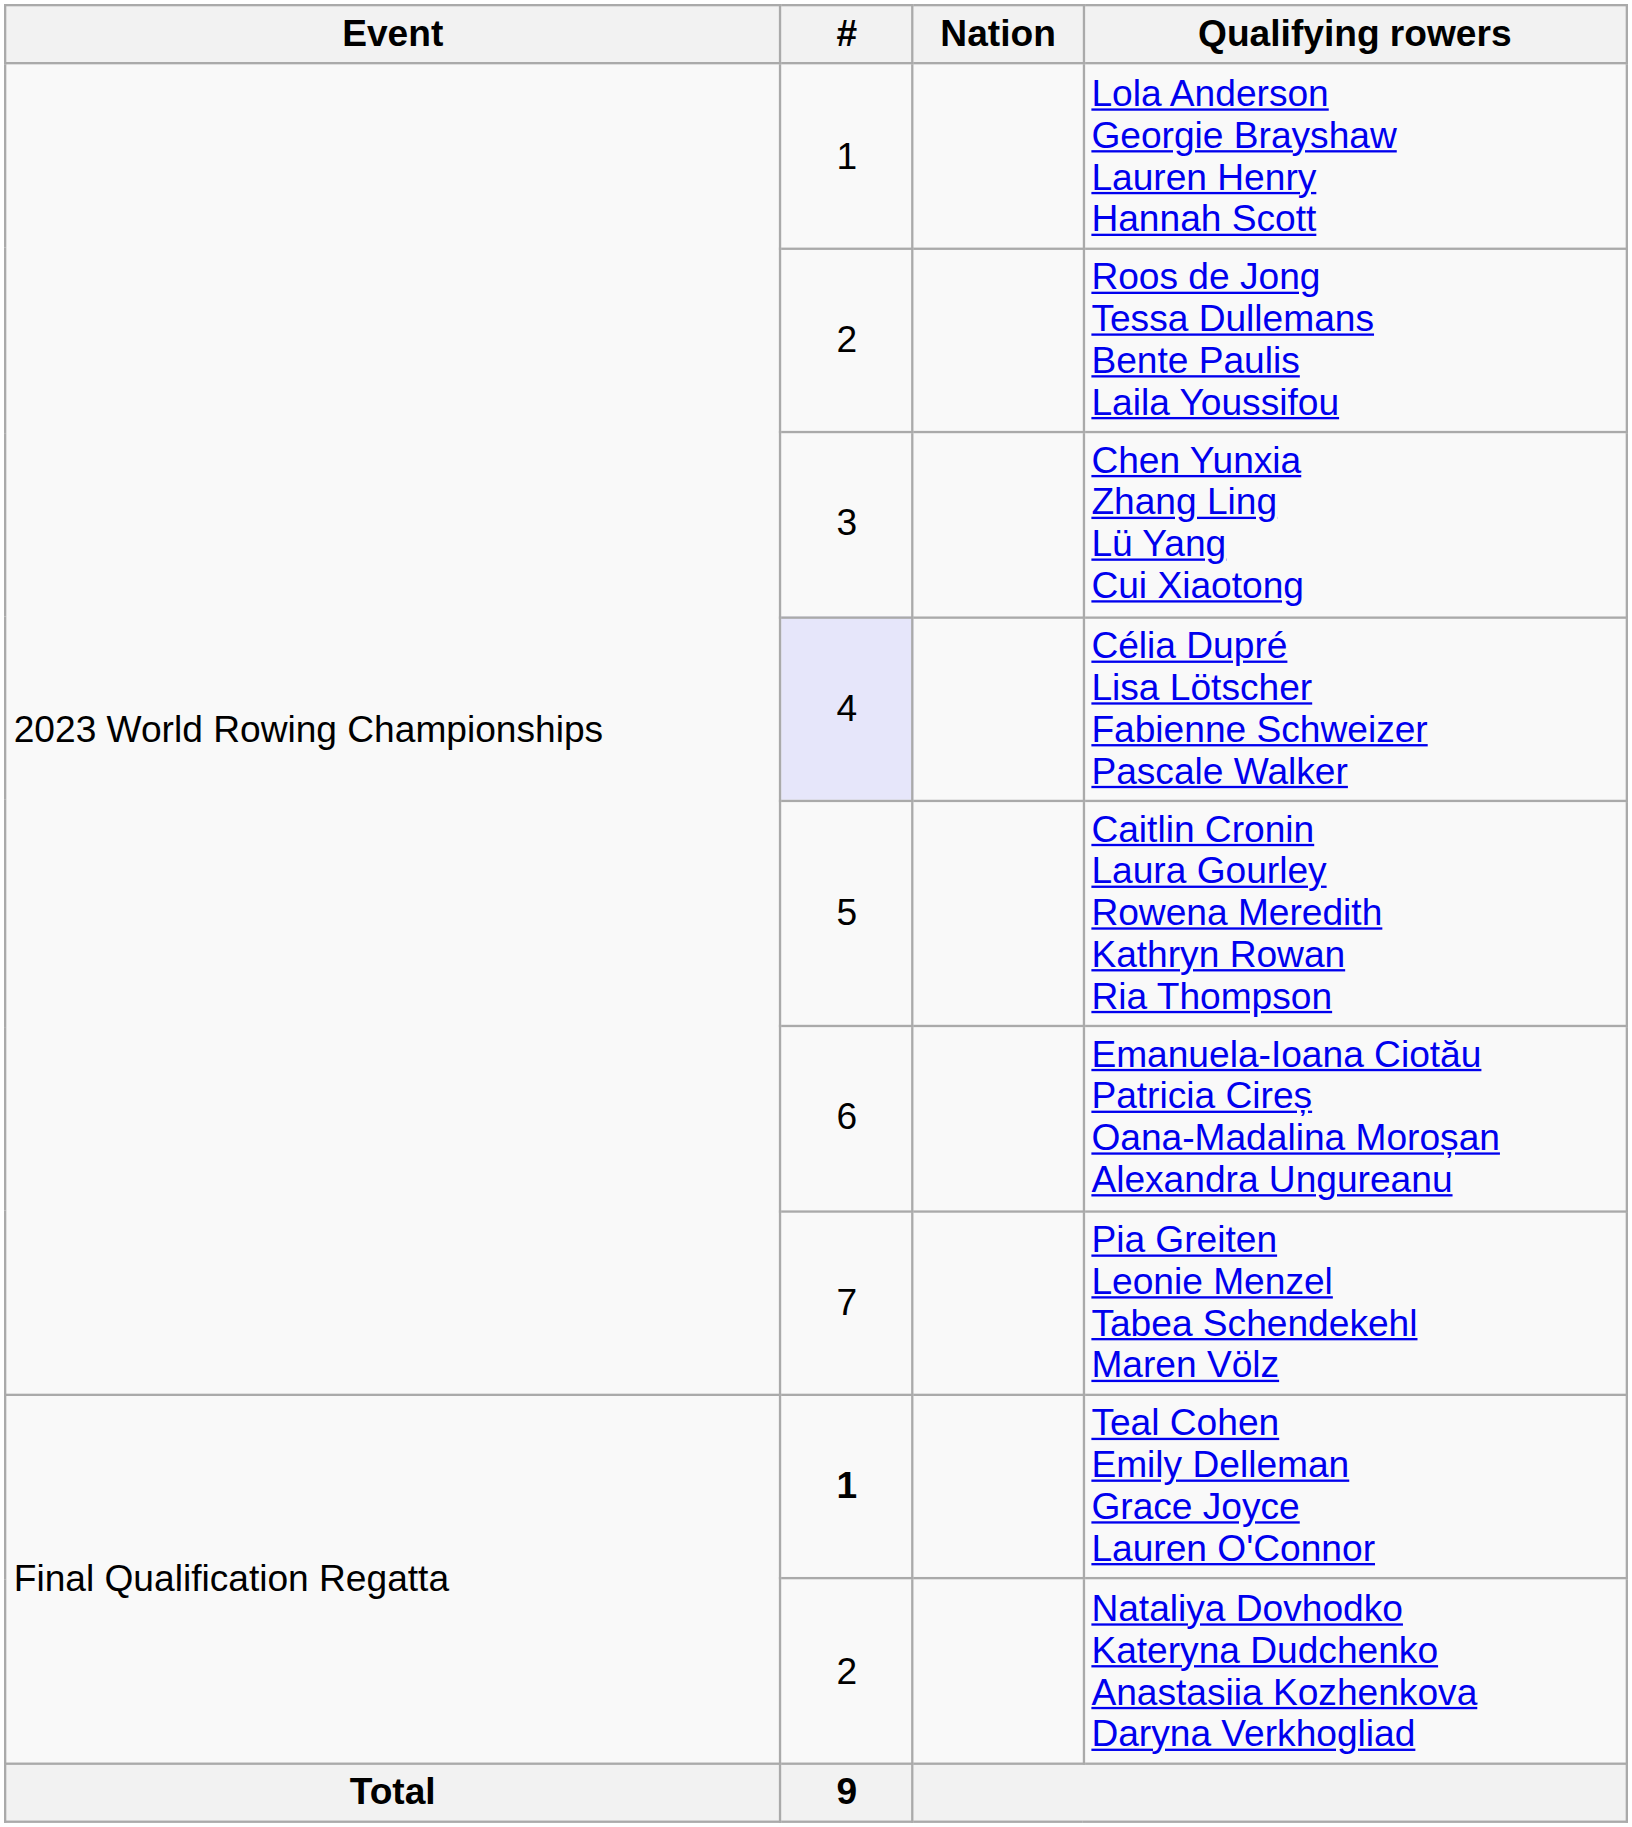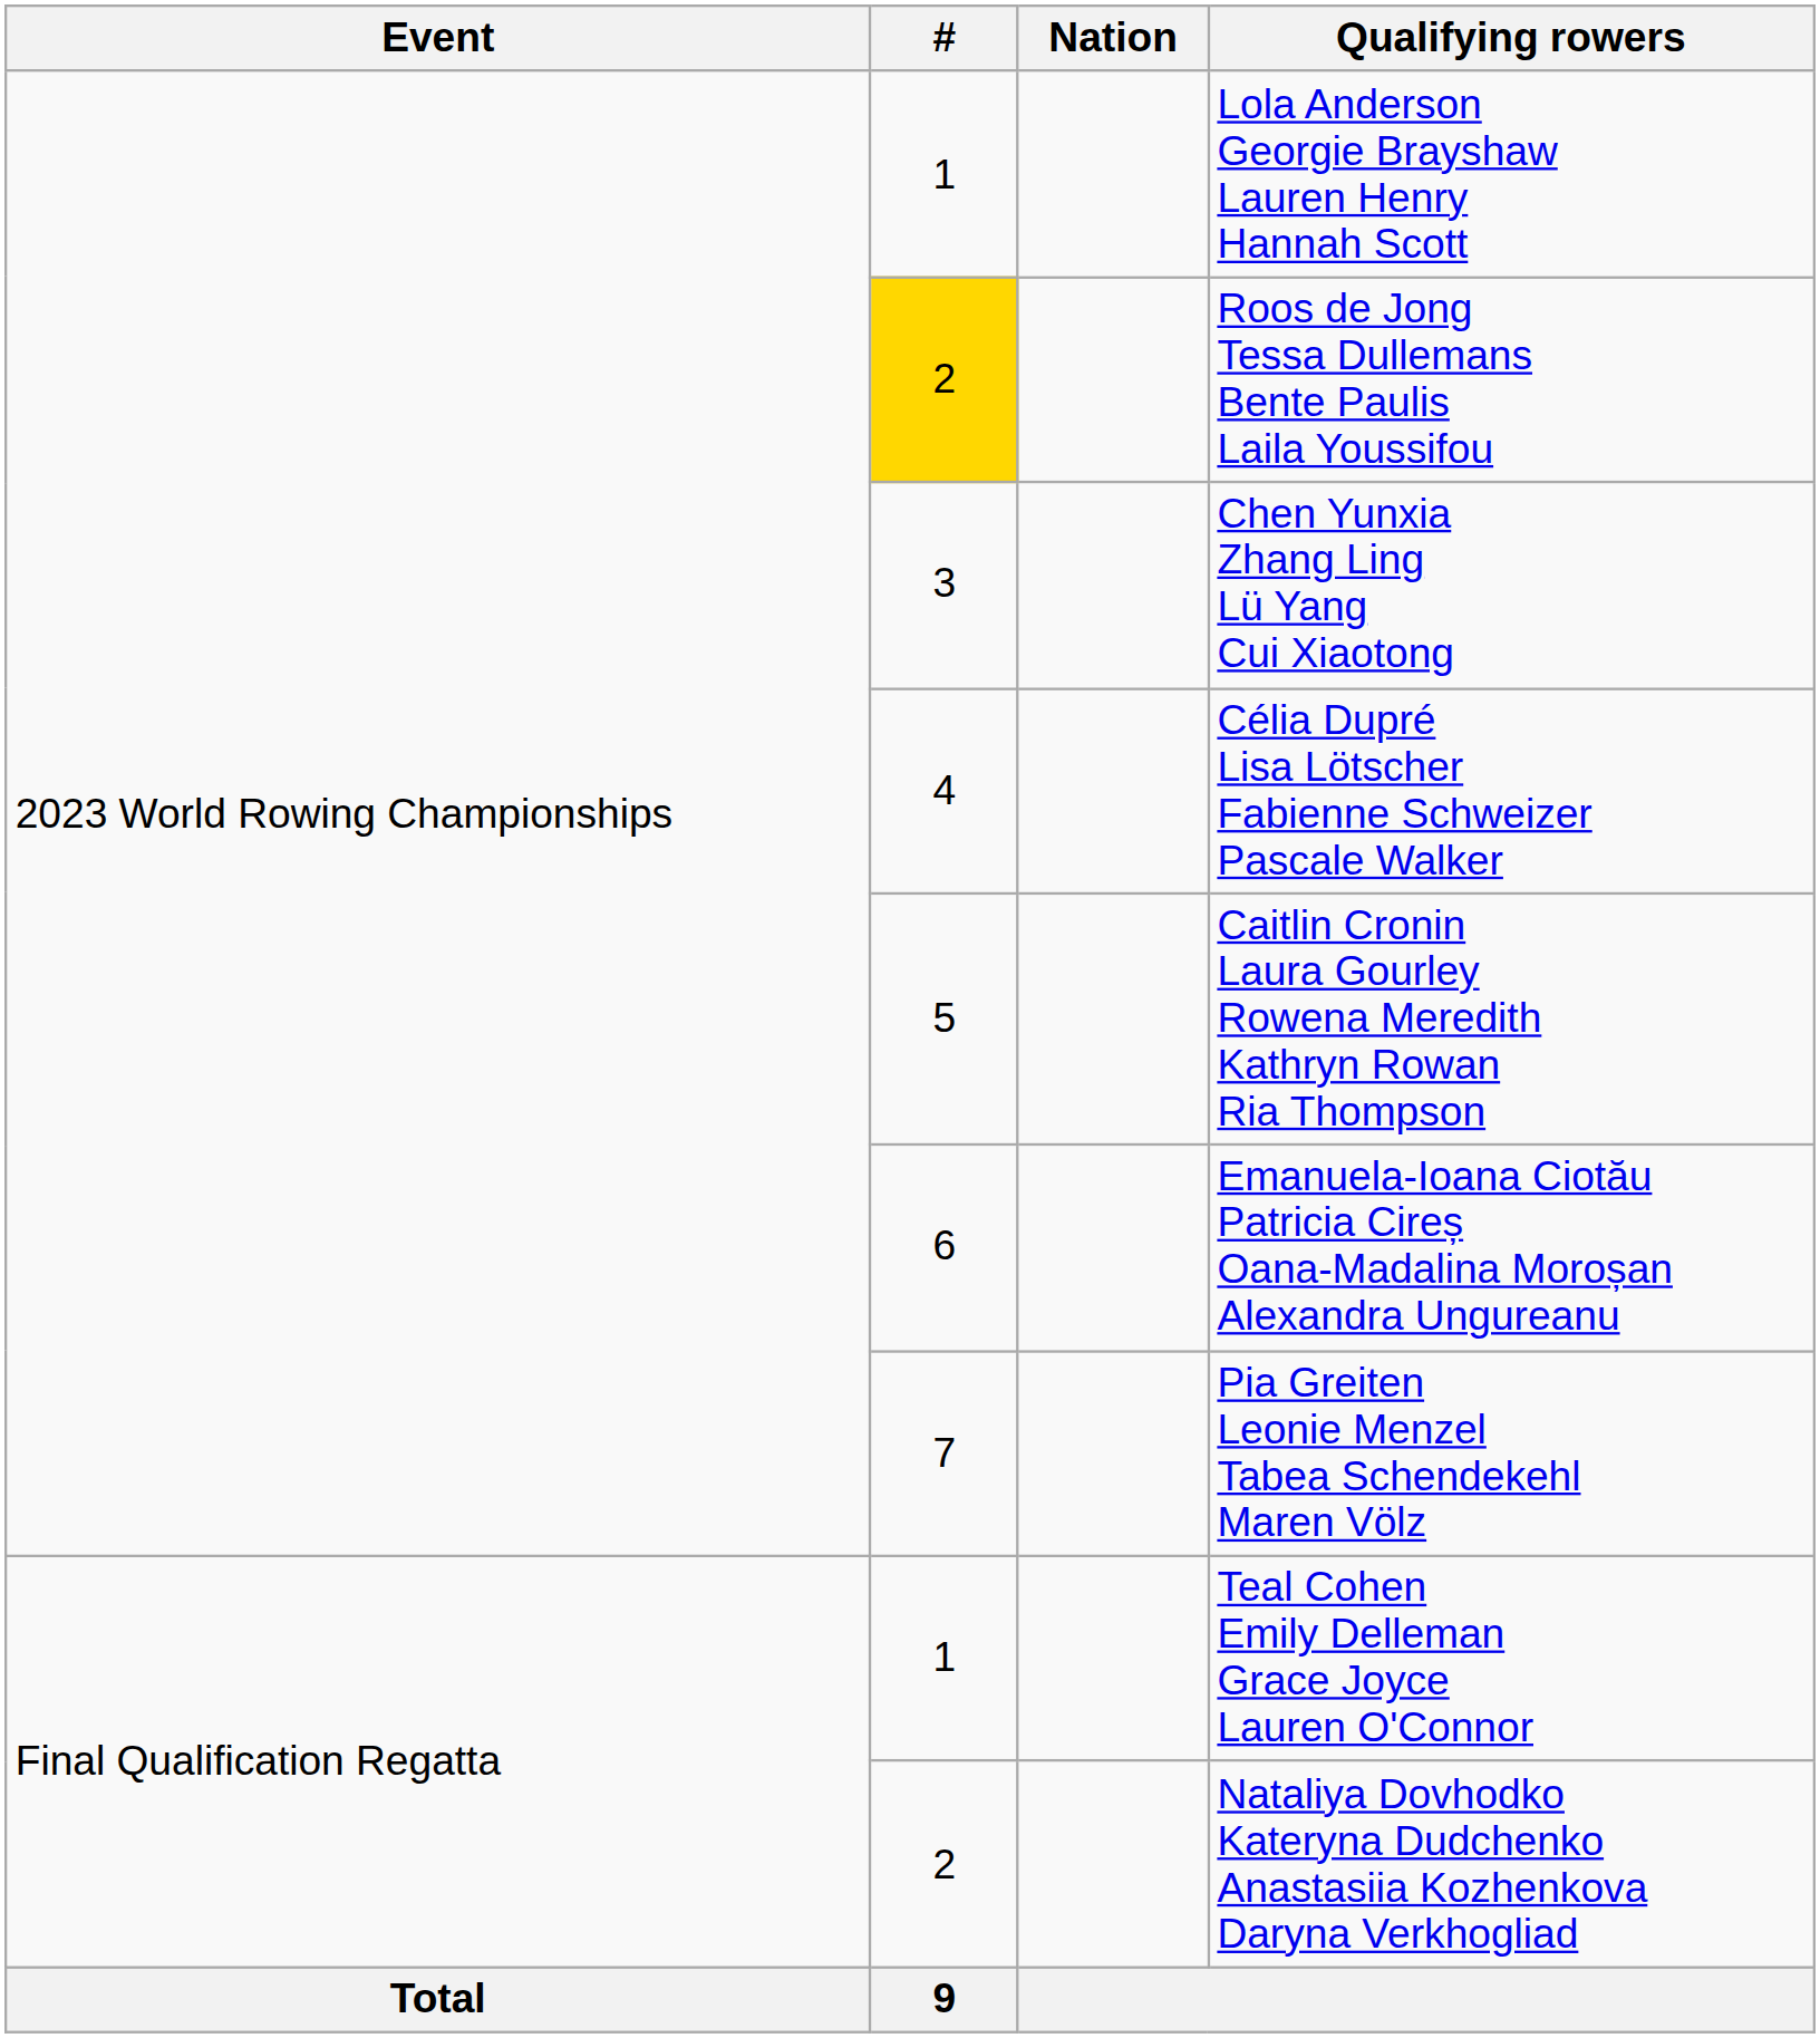 <table class="wikitable"  style="width:700px; text-align:center;">
 <tr>
 <th>Event</th>
 <th width=50>#</th>
 <th>Nation</th>
 <th>Qualifying rowers</th>
 </tr>
 <tr>
 <td rowspan=7 align=left>2023 World Rowing Championships</td>
 <td>1</td>
 <td align=left></td>
 <td align=left><a href='#'>Lola Anderson</a><br><a href='#'>Georgie Brayshaw</a><br><a href='#'>Lauren Henry</a><br><a href='#'>Hannah Scott</a></td>
 </tr>
 <tr>
-<td>2</td>
+<td style="background: gold;">2</td>
 <td align=left></td>
 <td align=left><a href='#'>Roos de Jong</a><br><a href='#'>Tessa Dullemans</a><br><a href='#'>Bente Paulis</a><br><a href='#'>Laila Youssifou</a></td>
 </tr>
 <tr>
 <td>3</td>
 <td align=left></td>
 <td align=left><a href='#'>Chen Yunxia</a><br><a href='#'>Zhang Ling</a><br><a href='#'>Lü Yang</a><br><a href='#'>Cui Xiaotong</a></td>
 </tr>
 <tr>
-<td style="background: lavender;">4</td>
+<td>4</td>
 <td align=left></td>
 <td align=left><a href='#'>Célia Dupré</a><br><a href='#'>Lisa Lötscher</a><br><a href='#'>Fabienne Schweizer</a><br><a href='#'>Pascale Walker</a></td>
 </tr>
 <tr>
 <td>5</td>
 <td align=left></td>
 <td align=left><a href='#'>Caitlin Cronin</a><br><a href='#'>Laura Gourley</a><br><a href='#'>Rowena Meredith</a><br><a href='#'>Kathryn Rowan</a><br><a href='#'>Ria Thompson</a></td>
 </tr>
 <tr>
 <td>6</td>
 <td align=left></td>
 <td align=left><a href='#'>Emanuela-Ioana Ciotău</a><br><a href='#'>Patricia Cireș</a><br><a href='#'>Oana-Madalina Moroșan</a><br><a href='#'>Alexandra Ungureanu</a></td>
 </tr>
 <tr>
 <td>7</td>
 <td align=left></td>
 <td align=left><a href='#'>Pia Greiten</a><br><a href='#'>Leonie Menzel</a><br><a href='#'>Tabea Schendekehl</a><br><a href='#'>Maren Völz</a></td>
 </tr>
 <tr>
 <td rowspan=2 align=left>Final Qualification Regatta</td>
-<td><strong>1</strong></td>
+<td>1</td>
 <td align=left></td>
 <td align=left><a href='#'>Teal Cohen</a><br><a href='#'>Emily Delleman</a><br><a href='#'>Grace Joyce</a><br><a href='#'>Lauren O'Connor</a></td>
 </tr>
 <tr>
 <td>2</td>
 <td align=left></td>
 <td align=left><a href='#'>Nataliya Dovhodko</a><br><a href='#'>Kateryna Dudchenko</a><br><a href='#'>Anastasiia Kozhenkova</a><br><a href='#'>Daryna Verkhogliad</a></td>
 </tr>
 <tr>
 <th>Total</th>
 <th>9</th>
 <th colspan=2></th>
 </tr>
 </table>
